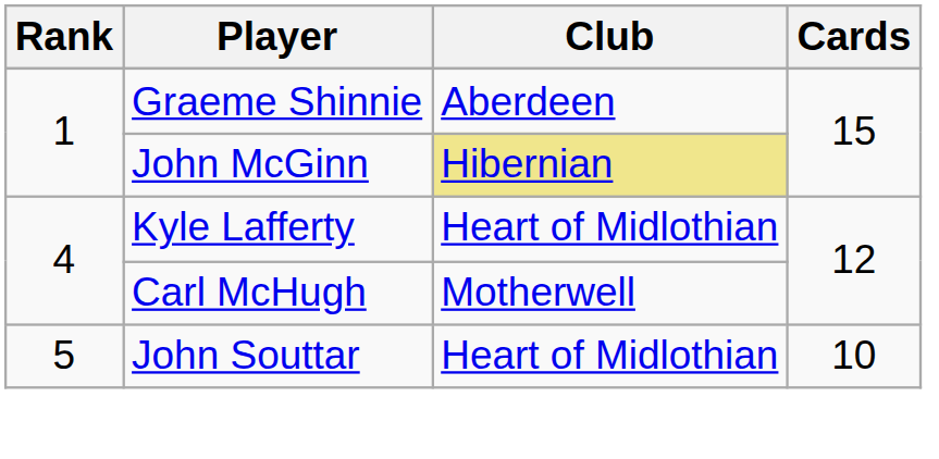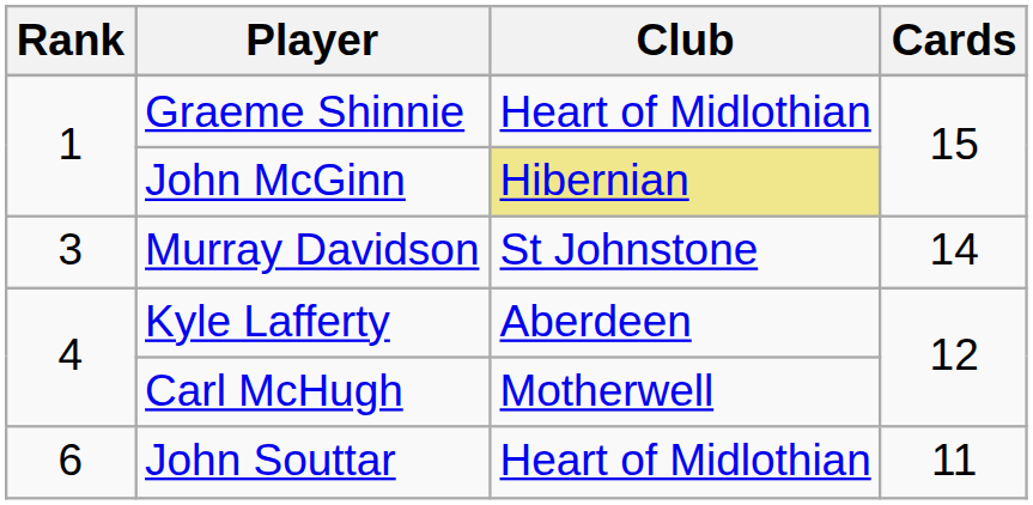 <table class="wikitable" style="text-align:center">
 <tr>
 <th>Rank</th>
 <th>Player</th>
 <th>Club</th>
 <th>Cards</th>
 </tr>
 <tr>
 </tr>
 <tr>
 <td rowspan="2">1</td>
 <td align="left"> <a href='#'>Graeme Shinnie</a></td>
-<td align="left"><a href='#'>Aberdeen</a></td>
+<td align="left"><a href='#'>Heart of Midlothian</a></td>
 <td rowspan="2">15</td>
 </tr>
 <tr>
 <td align="left"> <a href='#'>John McGinn</a></td>
 <td align="left" style="background: khaki;"><a href='#'>Hibernian</a></td>
 </tr>
 <tr>
+<td>3</td>
+<td align="left"> <a href='#'>Murray Davidson</a></td>
+<td align="left"><a href='#'>St Johnstone</a></td>
+<td>14</td>
+</tr>
+<tr>
 <td rowspan="2">4</td>
 <td align="left"> <a href='#'>Kyle Lafferty</a></td>
-<td align="left"><a href='#'>Heart of Midlothian</a></td>
+<td align="left"><a href='#'>Aberdeen</a></td>
 <td rowspan="2">12</td>
 </tr>
 <tr>
 <td align="left"> <a href='#'>Carl McHugh</a></td>
 <td align="left"><a href='#'>Motherwell</a></td>
 </tr>
 <tr>
-<td>5</td>
+<td>6</td>
 <td align="left"> <a href='#'>John Souttar</a></td>
 <td align="left"><a href='#'>Heart of Midlothian</a></td>
-<td>10</td>
+<td>11</td>
 </tr>
 </table>
